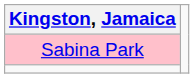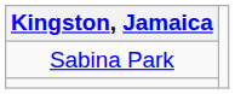 <table class="wikitable" style="text-align:center">
 <tr>
 <th><a href='#'>Kingston</a>, <a href='#'>Jamaica</a></th>
 <td rowspan=4></td>
 </tr>
 <tr>
-<td style="background: pink;"><a href='#'>Sabina Park</a></td>
+<td><a href='#'>Sabina Park</a></td>
 </tr>
 <tr>
 <td></td>
 </tr>
 </table>
